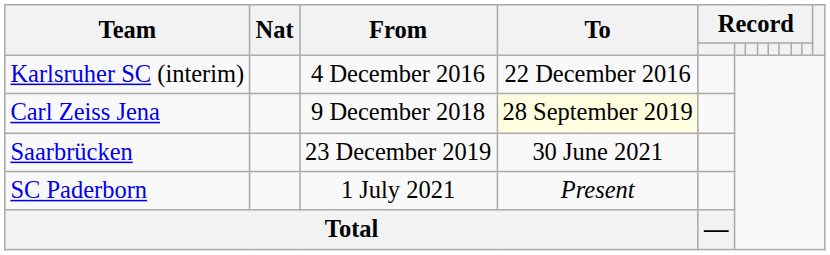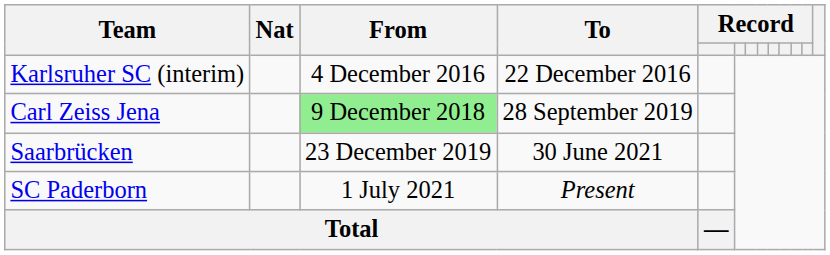 <table class="wikitable" style="text-align: center">
 <tr>
 <th rowspan="2">Team</th>
 <th rowspan="2">Nat</th>
 <th rowspan="2">From</th>
 <th rowspan="2">To</th>
 <th colspan="8">Record</th>
 <th rowspan=2></th>
 </tr>
 <tr>
 <th></th>
 <th></th>
 <th></th>
 <th></th>
 <th></th>
 <th></th>
 <th></th>
 <th></th>
 </tr>
 <tr>
 <td align=left><a href='#'>Karlsruher SC</a> (interim)</td>
 <td></td>
 <td>4 December 2016</td>
 <td>22 December 2016<br></td>
 <td></td>
 </tr>
 <tr>
 <td align=left><a href='#'>Carl Zeiss Jena</a></td>
 <td></td>
-<td>9 December 2018</td>
-<td style="background: lightyellow;">28 September 2019<br></td>
+<td style="background: lightgreen;">9 December 2018</td>
+<td>28 September 2019<br></td>
 <td></td>
 </tr>
 <tr>
 <td align=left><a href='#'>Saarbrücken</a></td>
 <td></td>
 <td>23 December 2019</td>
 <td>30 June 2021<br></td>
 <td></td>
 </tr>
 <tr>
 <td align=left><a href='#'>SC Paderborn</a></td>
 <td></td>
 <td>1 July 2021</td>
 <td><em>Present</em><br></td>
 <td></td>
 </tr>
 <tr>
 <th colspan="4">Total<br></th>
 <th>—</th>
 </tr>
 </table>
